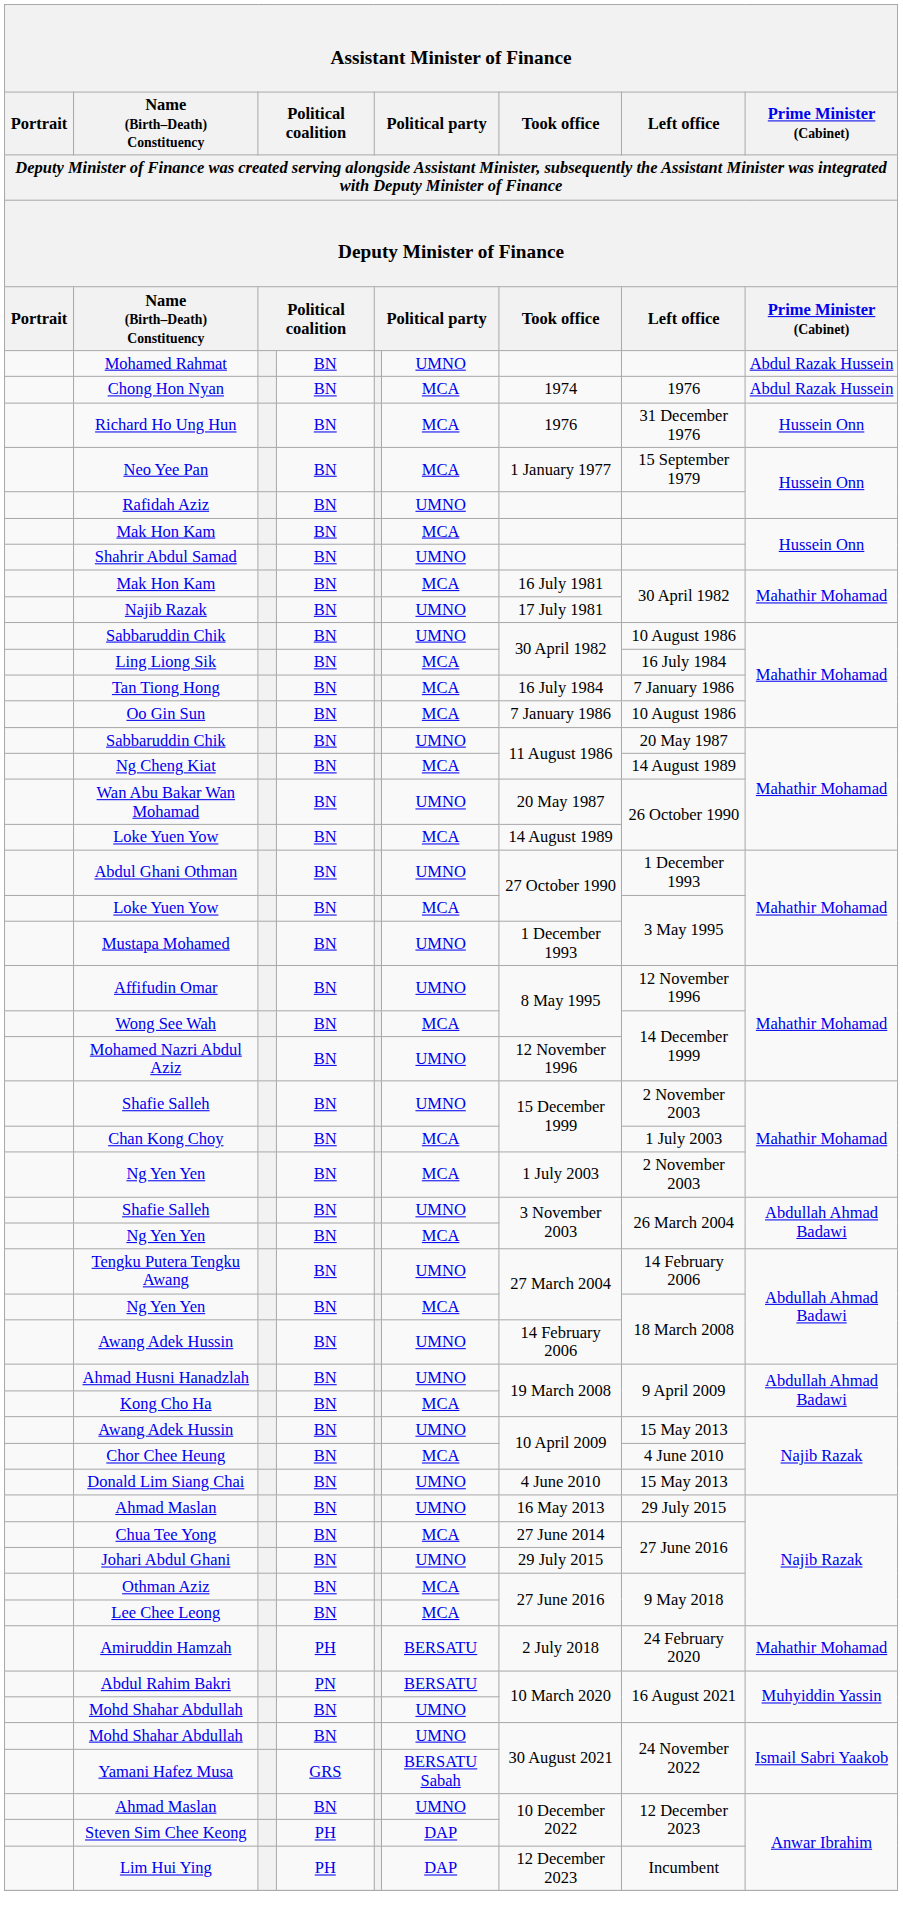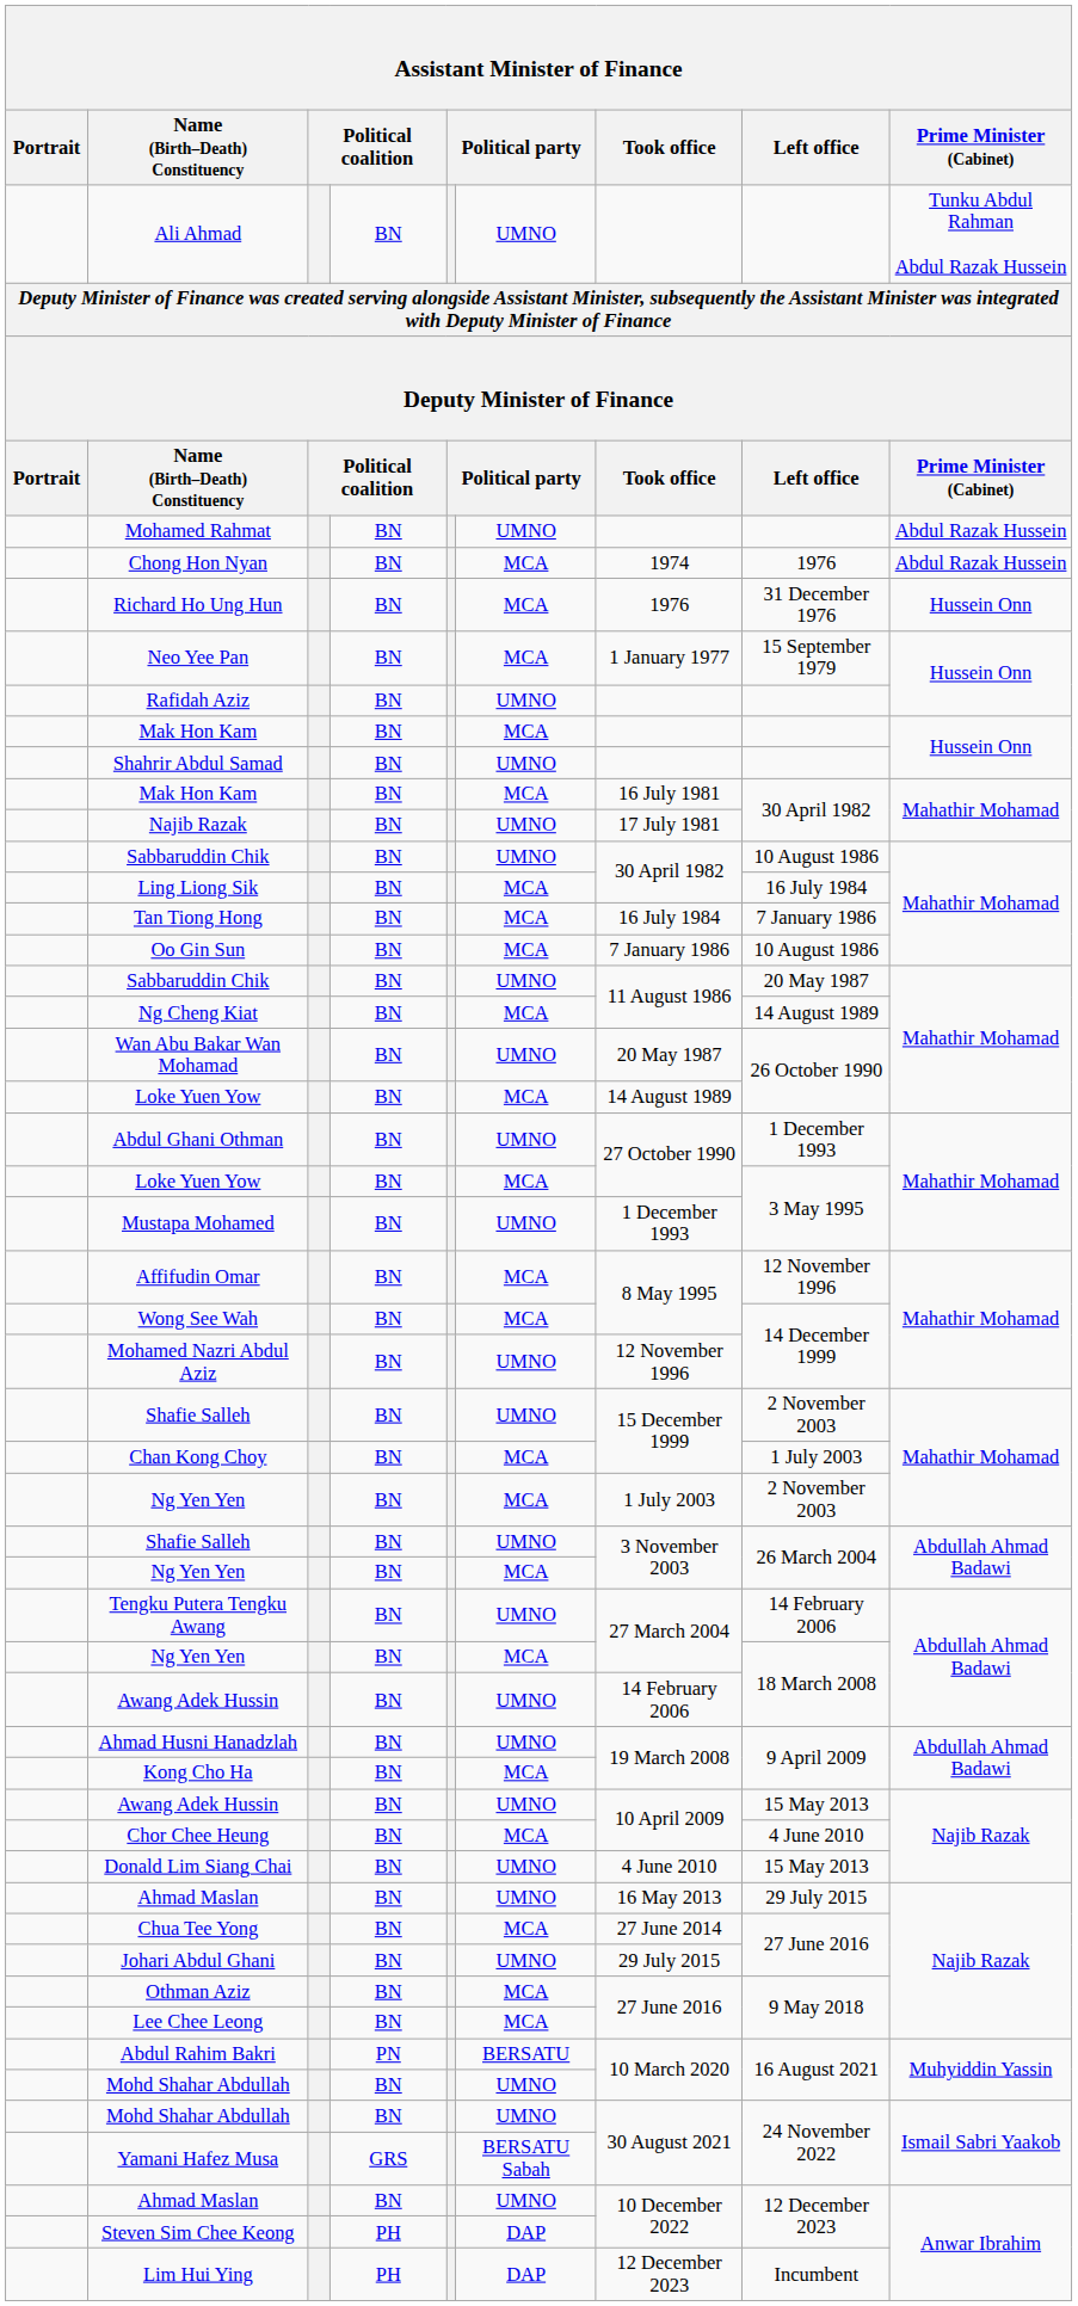 <table class="wikitable" style="text-align:center;">
 <tr>
 <th colspan="9"><br><h3>Assistant Minister of Finance</h3></th>
 </tr>
 <tr>
 <th>Portrait</th>
 <th>Name<br><small>(Birth–Death)<br>Constituency</small></th>
 <th colspan="2">Political coalition</th>
 <th colspan="2">Political party</th>
 <th>Took office</th>
 <th>Left office</th>
 <th><a href='#'>Prime Minister</a><br><small>(Cabinet)</small></th>
+</tr>
+<tr>
+<td></td>
+<td><a href='#'>Ali Ahmad</a><br></td>
+<th style="background:"></th>
+<td><a href='#'>BN</a></td>
+<th style="background:"></th>
+<td><a href='#'>UMNO</a></td>
+<td></td>
+<td></td>
+<td><a href='#'>Tunku Abdul Rahman</a><br><br><a href='#'>Abdul Razak Hussein</a><br></td>
 </tr>
 <tr>
 <th colspan="9"><em>Deputy Minister of Finance was created serving alongside Assistant Minister, subsequently the Assistant Minister was integrated with Deputy Minister of Finance</em></th>
 </tr>
 <tr>
 <th colspan="9"><br><h3>Deputy Minister of Finance</h3></th>
 </tr>
 <tr>
 <th>Portrait</th>
 <th>Name<br><small>(Birth–Death)<br>Constituency</small></th>
 <th colspan="2">Political coalition</th>
 <th colspan="2">Political party</th>
 <th>Took office</th>
 <th>Left office</th>
 <th><a href='#'>Prime Minister</a><br><small>(Cabinet)</small></th>
 </tr>
 <tr>
 <td></td>
 <td><a href='#'>Mohamed Rahmat</a><br></td>
 <th style="background:"></th>
 <td><a href='#'>BN</a></td>
 <th style="background:"></th>
 <td><a href='#'>UMNO</a></td>
 <td></td>
 <td></td>
 <td><a href='#'>Abdul Razak Hussein</a><br></td>
 </tr>
 <tr>
 <td></td>
 <td><a href='#'>Chong Hon Nyan</a><br></td>
 <th style="background:"></th>
 <td><a href='#'>BN</a></td>
 <th style="background:"></th>
 <td><a href='#'>MCA</a></td>
 <td>1974</td>
 <td>1976</td>
 <td><a href='#'>Abdul Razak Hussein</a><br></td>
 </tr>
 <tr>
 <td></td>
 <td><a href='#'>Richard Ho Ung Hun</a><br></td>
 <th style="background:"></th>
 <td><a href='#'>BN</a></td>
 <th style="background:"></th>
 <td><a href='#'>MCA</a></td>
 <td>1976</td>
 <td>31 December 1976</td>
 <td><a href='#'>Hussein Onn</a><br></td>
 </tr>
 <tr>
 <td></td>
 <td><a href='#'>Neo Yee Pan</a><br></td>
 <th style="background:"></th>
 <td><a href='#'>BN</a></td>
 <th style="background:"></th>
 <td><a href='#'>MCA</a></td>
 <td>1 January 1977</td>
 <td>15 September 1979</td>
 <td rowspan=2><a href='#'>Hussein Onn</a><br></td>
 </tr>
 <tr>
 <td></td>
 <td><a href='#'>Rafidah Aziz</a><br></td>
 <th style="background:"></th>
 <td><a href='#'>BN</a></td>
 <th style="background:"></th>
 <td><a href='#'>UMNO</a></td>
 <td></td>
 <td></td>
 </tr>
 <tr>
 <td></td>
 <td><a href='#'>Mak Hon Kam</a><br></td>
 <th style="background:"></th>
 <td><a href='#'>BN</a></td>
 <th style="background:"></th>
 <td><a href='#'>MCA</a></td>
 <td></td>
 <td></td>
 <td rowspan=2><a href='#'>Hussein Onn</a><br></td>
 </tr>
 <tr>
 <td></td>
 <td><a href='#'>Shahrir Abdul Samad</a><br></td>
 <th style="background:"></th>
 <td><a href='#'>BN</a></td>
 <th style="background:"></th>
 <td><a href='#'>UMNO</a></td>
 <td></td>
 </tr>
 <tr>
 <td></td>
 <td><a href='#'>Mak Hon Kam</a><br></td>
 <th style="background:"></th>
 <td><a href='#'>BN</a></td>
 <th style="background:"></th>
 <td><a href='#'>MCA</a></td>
 <td>16 July 1981</td>
 <td rowspan=2>30 April 1982</td>
 <td rowspan=2><a href='#'>Mahathir Mohamad</a><br></td>
 </tr>
 <tr>
 <td></td>
 <td><a href='#'>Najib Razak</a><br></td>
 <th style="background:"></th>
 <td><a href='#'>BN</a></td>
 <th style="background:"></th>
 <td><a href='#'>UMNO</a></td>
 <td>17 July 1981</td>
 </tr>
 <tr>
 <td></td>
 <td><a href='#'>Sabbaruddin Chik</a><br></td>
 <th style="background:"></th>
 <td><a href='#'>BN</a></td>
 <th style="background:"></th>
 <td><a href='#'>UMNO</a></td>
 <td rowspan=2>30 April 1982</td>
 <td>10 August 1986</td>
 <td rowspan=4><a href='#'>Mahathir Mohamad</a><br></td>
 </tr>
 <tr>
 <td></td>
 <td><a href='#'>Ling Liong Sik</a><br></td>
 <th style="background:"></th>
 <td><a href='#'>BN</a></td>
 <th style="background:"></th>
 <td><a href='#'>MCA</a></td>
 <td>16 July 1984</td>
 </tr>
 <tr>
 <td></td>
 <td><a href='#'>Tan Tiong Hong</a><br></td>
 <th style="background:"></th>
 <td><a href='#'>BN</a></td>
 <th style="background:"></th>
 <td><a href='#'>MCA</a></td>
 <td>16 July 1984</td>
 <td>7 January 1986</td>
 </tr>
 <tr>
 <td></td>
 <td><a href='#'>Oo Gin Sun</a><br></td>
 <th style="background:"></th>
 <td><a href='#'>BN</a></td>
 <th style="background:"></th>
 <td><a href='#'>MCA</a></td>
 <td>7 January 1986</td>
 <td>10 August 1986</td>
 </tr>
 <tr>
 <td></td>
 <td><a href='#'>Sabbaruddin Chik</a><br></td>
 <th style="background:"></th>
 <td><a href='#'>BN</a></td>
 <th style="background:"></th>
 <td><a href='#'>UMNO</a></td>
 <td rowspan=2>11 August 1986</td>
 <td>20 May 1987</td>
 <td rowspan=4><a href='#'>Mahathir Mohamad</a><br></td>
 </tr>
 <tr>
 <td></td>
 <td><a href='#'>Ng Cheng Kiat</a><br></td>
 <th style="background:"></th>
 <td><a href='#'>BN</a></td>
 <th style="background:"></th>
 <td><a href='#'>MCA</a></td>
 <td>14 August 1989</td>
 </tr>
 <tr>
 <td></td>
 <td><a href='#'>Wan Abu Bakar Wan Mohamad</a><br></td>
 <th style="background:"></th>
 <td><a href='#'>BN</a></td>
 <th style="background:"></th>
 <td><a href='#'>UMNO</a></td>
 <td>20 May 1987</td>
 <td rowspan=2>26 October 1990</td>
 </tr>
 <tr>
 <td></td>
 <td><a href='#'>Loke Yuen Yow</a><br></td>
 <th style="background:"></th>
 <td><a href='#'>BN</a></td>
 <th style="background:"></th>
 <td><a href='#'>MCA</a></td>
 <td>14 August 1989</td>
 </tr>
 <tr>
 <td></td>
 <td><a href='#'>Abdul Ghani Othman</a><br></td>
 <th style="background:"></th>
 <td><a href='#'>BN</a></td>
 <th style="background:"></th>
 <td><a href='#'>UMNO</a></td>
 <td rowspan=2>27 October 1990</td>
 <td>1 December 1993</td>
 <td rowspan=3><a href='#'>Mahathir Mohamad</a><br></td>
 </tr>
 <tr>
 <td></td>
 <td><a href='#'>Loke Yuen Yow</a><br></td>
 <th style="background:"></th>
 <td><a href='#'>BN</a></td>
 <th style="background:"></th>
 <td><a href='#'>MCA</a></td>
 <td rowspan=2>3 May 1995</td>
 </tr>
 <tr>
 <td></td>
 <td><a href='#'>Mustapa Mohamed</a><br></td>
 <th style="background:"></th>
 <td><a href='#'>BN</a></td>
 <th style="background:"></th>
 <td><a href='#'>UMNO</a></td>
 <td>1 December 1993</td>
 </tr>
 <tr>
 <td></td>
 <td><a href='#'>Affifudin Omar</a><br></td>
 <th style="background:"></th>
 <td><a href='#'>BN</a></td>
 <th style="background:"></th>
-<td><a href='#'>UMNO</a></td>
+<td><a href='#'>MCA</a></td>
 <td rowspan=2>8 May 1995</td>
 <td>12 November 1996</td>
 <td rowspan=3><a href='#'>Mahathir Mohamad</a><br></td>
 </tr>
 <tr>
 <td></td>
 <td><a href='#'>Wong See Wah</a><br></td>
 <th style="background:"></th>
 <td><a href='#'>BN</a></td>
 <th style="background:"></th>
 <td><a href='#'>MCA</a></td>
 <td rowspan=2>14 December 1999</td>
 </tr>
 <tr>
 <td></td>
 <td><a href='#'>Mohamed Nazri Abdul Aziz</a><br></td>
 <th style="background:"></th>
 <td><a href='#'>BN</a></td>
 <th style="background:"></th>
 <td><a href='#'>UMNO</a></td>
 <td>12 November 1996</td>
 </tr>
 <tr>
 <td></td>
 <td><a href='#'>Shafie Salleh</a><br></td>
 <th style="background:"></th>
 <td><a href='#'>BN</a></td>
 <th style="background:"></th>
 <td><a href='#'>UMNO</a></td>
 <td rowspan=2>15 December 1999</td>
 <td>2 November 2003</td>
 <td rowspan=3><a href='#'>Mahathir Mohamad</a><br></td>
 </tr>
 <tr>
 <td></td>
 <td><a href='#'>Chan Kong Choy</a><br></td>
 <th style="background:"></th>
 <td><a href='#'>BN</a></td>
 <th style="background:"></th>
 <td><a href='#'>MCA</a></td>
 <td>1 July 2003</td>
 </tr>
 <tr>
 <td></td>
 <td><a href='#'>Ng Yen Yen</a><br></td>
 <th style="background:"></th>
 <td><a href='#'>BN</a></td>
 <th style="background:"></th>
 <td><a href='#'>MCA</a></td>
 <td>1 July 2003</td>
 <td>2 November 2003</td>
 </tr>
 <tr>
 <td></td>
 <td><a href='#'>Shafie Salleh</a><br></td>
 <th style="background:"></th>
 <td><a href='#'>BN</a></td>
 <th style="background:"></th>
 <td><a href='#'>UMNO</a></td>
 <td rowspan=2>3 November 2003</td>
 <td rowspan=2>26 March 2004</td>
 <td rowspan=2><a href='#'>Abdullah Ahmad Badawi</a><br></td>
 </tr>
 <tr>
 <td></td>
 <td><a href='#'>Ng Yen Yen</a><br></td>
 <th style="background:"></th>
 <td><a href='#'>BN</a></td>
 <th style="background:"></th>
 <td><a href='#'>MCA</a></td>
 </tr>
 <tr>
 <td></td>
 <td><a href='#'>Tengku Putera Tengku Awang</a><br></td>
 <th style="background:"></th>
 <td><a href='#'>BN</a></td>
 <th style="background:"></th>
 <td><a href='#'>UMNO</a></td>
 <td rowspan=2>27 March 2004</td>
 <td>14 February 2006</td>
 <td rowspan=3><a href='#'>Abdullah Ahmad Badawi</a><br></td>
 </tr>
 <tr>
 <td></td>
 <td><a href='#'>Ng Yen Yen</a><br></td>
 <th style="background:"></th>
 <td><a href='#'>BN</a></td>
 <th style="background:"></th>
 <td><a href='#'>MCA</a></td>
 <td rowspan=2>18 March 2008</td>
 </tr>
 <tr>
 <td></td>
 <td><a href='#'>Awang Adek Hussin</a><br></td>
 <th style="background:"></th>
 <td><a href='#'>BN</a></td>
 <th style="background:"></th>
 <td><a href='#'>UMNO</a></td>
 <td>14 February 2006</td>
 </tr>
 <tr>
 <td></td>
 <td><a href='#'>Ahmad Husni Hanadzlah</a><br></td>
 <th style="background:"></th>
 <td><a href='#'>BN</a></td>
 <th style="background:"></th>
 <td><a href='#'>UMNO</a></td>
 <td rowspan=2>19 March 2008</td>
 <td rowspan=2>9 April 2009</td>
 <td rowspan=2><a href='#'>Abdullah Ahmad Badawi</a><br></td>
 </tr>
 <tr>
 <td></td>
 <td><a href='#'>Kong Cho Ha</a><br></td>
 <th style="background:"></th>
 <td><a href='#'>BN</a></td>
 <th style="background:"></th>
 <td><a href='#'>MCA</a></td>
 </tr>
 <tr>
 <td></td>
 <td><a href='#'>Awang Adek Hussin</a><br></td>
 <th style="background:"></th>
 <td><a href='#'>BN</a></td>
 <th style="background:"></th>
 <td><a href='#'>UMNO</a></td>
 <td rowspan=2>10 April 2009</td>
 <td>15 May 2013</td>
 <td rowspan=3><a href='#'>Najib Razak</a><br></td>
 </tr>
 <tr>
 <td></td>
 <td><a href='#'>Chor Chee Heung</a><br></td>
 <th style="background:"></th>
 <td><a href='#'>BN</a></td>
 <th style="background:"></th>
 <td><a href='#'>MCA</a></td>
 <td>4 June 2010</td>
 </tr>
 <tr>
 <td></td>
 <td><a href='#'>Donald Lim Siang Chai</a><br></td>
 <th style="background:"></th>
 <td><a href='#'>BN</a></td>
 <th style="background:"></th>
 <td><a href='#'>UMNO</a></td>
 <td>4 June 2010</td>
 <td>15 May 2013</td>
 </tr>
 <tr>
 <td></td>
 <td><a href='#'>Ahmad Maslan</a><br></td>
 <th style="background:"></th>
 <td><a href='#'>BN</a></td>
 <th style="background:"></th>
 <td><a href='#'>UMNO</a></td>
 <td>16 May 2013</td>
 <td>29 July 2015</td>
 <td rowspan=5><a href='#'>Najib Razak</a><br></td>
 </tr>
 <tr>
 <td></td>
 <td><a href='#'>Chua Tee Yong</a><br></td>
 <th style="background:"></th>
 <td><a href='#'>BN</a></td>
 <th style="background:"></th>
 <td><a href='#'>MCA</a></td>
 <td>27 June 2014</td>
 <td rowspan=2>27 June 2016</td>
 </tr>
 <tr>
 <td></td>
 <td><a href='#'>Johari Abdul Ghani</a><br></td>
 <th style="background:"></th>
 <td><a href='#'>BN</a></td>
 <th style="background:"></th>
 <td><a href='#'>UMNO</a></td>
 <td>29 July 2015</td>
 </tr>
 <tr>
 <td></td>
 <td><a href='#'>Othman Aziz</a><br></td>
 <th style="background:"></th>
 <td><a href='#'>BN</a></td>
 <th style="background:"></th>
 <td><a href='#'>MCA</a></td>
 <td rowspan=2>27 June 2016</td>
 <td rowspan=2>9 May 2018</td>
 </tr>
 <tr>
 <td></td>
 <td><a href='#'>Lee Chee Leong</a><br></td>
 <th style="background:"></th>
 <td><a href='#'>BN</a></td>
 <th style="background:"></th>
 <td><a href='#'>MCA</a></td>
 </tr>
 <tr>
 <td></td>
-<td><a href='#'>Amiruddin Hamzah</a><br></td>
-<th style="background:"></th>
-<td><a href='#'>PH</a></td>
-<th style="background:"></th>
-<td><a href='#'>BERSATU</a></td>
-<td>2 July 2018</td>
-<td>24 February 2020</td>
-<td><a href='#'>Mahathir Mohamad</a><br></td>
-</tr>
-<tr>
-<td></td>
 <td><a href='#'>Abdul Rahim Bakri</a><br></td>
 <th style="background:"></th>
 <td><a href='#'>PN</a></td>
 <th style="background:"></th>
 <td><a href='#'>BERSATU</a></td>
 <td rowspan=2>10 March 2020</td>
 <td rowspan=2>16 August 2021</td>
 <td rowspan=2><a href='#'>Muhyiddin Yassin</a><br></td>
 </tr>
 <tr>
 <td></td>
 <td><a href='#'>Mohd Shahar Abdullah</a><br></td>
 <th style="background:"></th>
 <td><a href='#'>BN</a></td>
 <th style="background:"></th>
 <td><a href='#'>UMNO</a></td>
 </tr>
 <tr>
 <td></td>
 <td><a href='#'>Mohd Shahar Abdullah</a><br></td>
 <th style="background:"></th>
 <td><a href='#'>BN</a></td>
 <th style="background:"></th>
 <td><a href='#'>UMNO</a></td>
 <td rowspan=2>30 August 2021</td>
 <td rowspan=2>24 November 2022</td>
 <td rowspan=2><a href='#'>Ismail Sabri Yaakob</a><br></td>
 </tr>
 <tr>
 <td></td>
 <td><a href='#'>Yamani Hafez Musa</a><br></td>
 <th style="background:"></th>
 <td><a href='#'>GRS</a></td>
 <th style="background:"></th>
 <td><a href='#'>BERSATU Sabah</a></td>
 </tr>
 <tr>
 <td></td>
 <td><a href='#'>Ahmad Maslan</a><br></td>
 <th style="background:"></th>
 <td><a href='#'>BN</a></td>
 <th style="background:"></th>
 <td><a href='#'>UMNO</a></td>
 <td rowspan=2>10 December 2022</td>
 <td rowspan=2>12 December 2023</td>
 <td rowspan=3><a href='#'>Anwar Ibrahim</a><br></td>
 </tr>
 <tr>
 <td></td>
 <td><a href='#'>Steven Sim Chee Keong</a><br></td>
 <th style="background:"></th>
 <td><a href='#'>PH</a></td>
 <th style="background:"></th>
 <td><a href='#'>DAP</a></td>
 </tr>
 <tr>
 <td></td>
 <td><a href='#'>Lim Hui Ying</a><br></td>
 <th style="background:"></th>
 <td><a href='#'>PH</a></td>
 <th style="background:"></th>
 <td><a href='#'>DAP</a></td>
 <td>12 December 2023</td>
 <td>Incumbent</td>
 </tr>
 <tr>
 </tr>
 </table>
